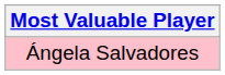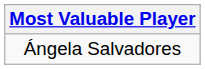 <table class=wikitable style="text-align:center; margin:auto">
 <tr>
 <th><a href='#'>Most Valuable Player</a></th>
 </tr>
 <tr>
-<td style="background: pink;"> Ángela Salvadores</td>
+<td> Ángela Salvadores</td>
 </tr>
 </table>
